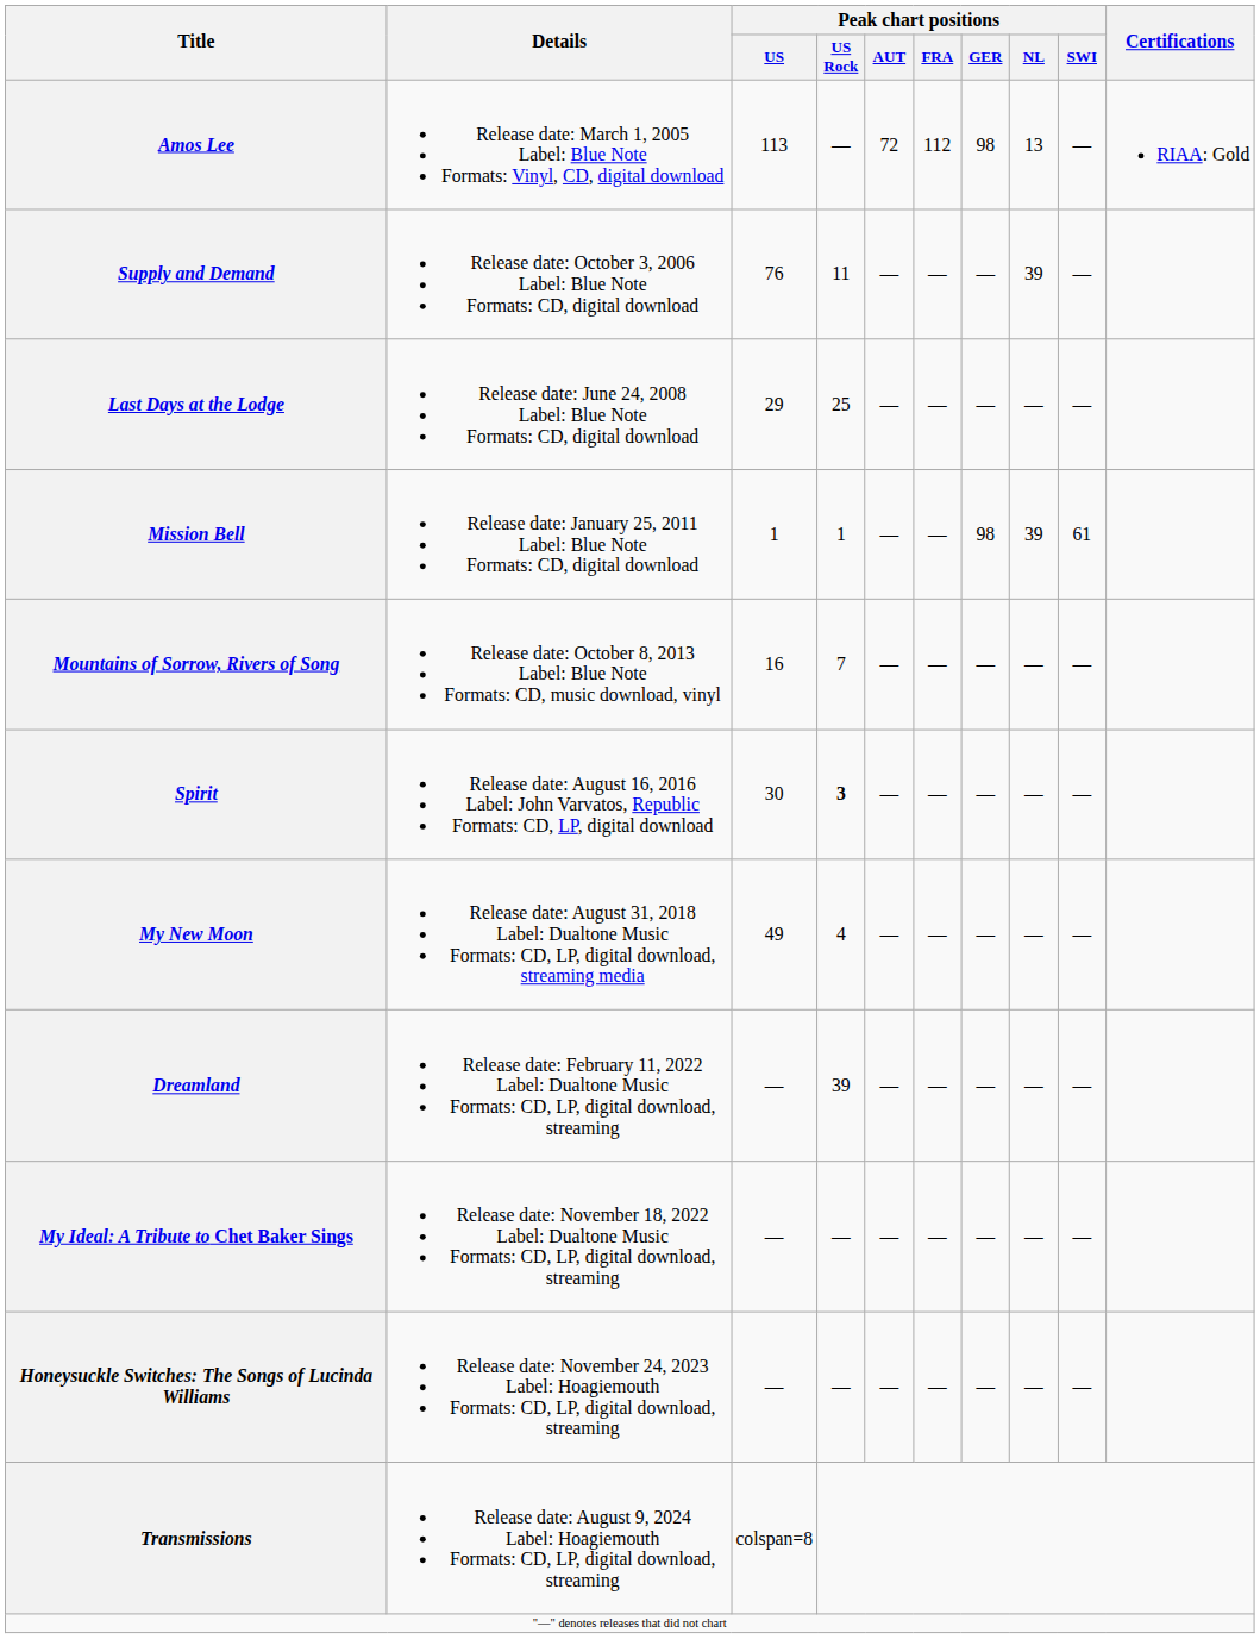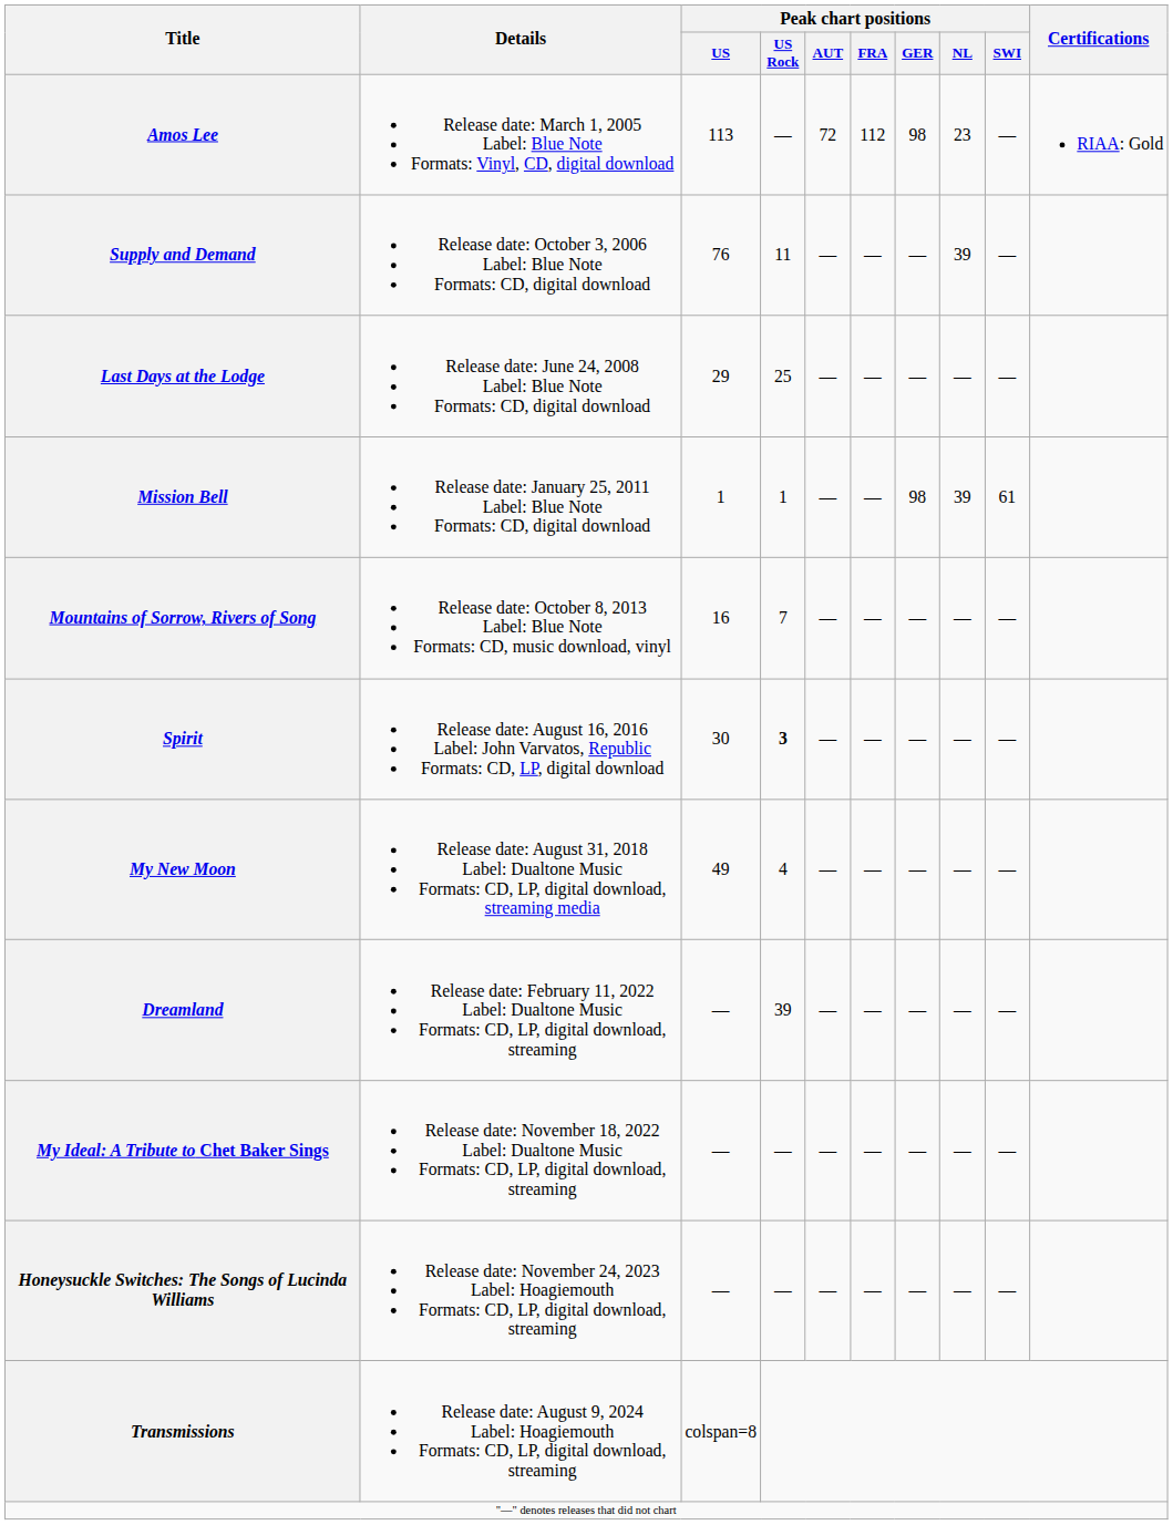 <table class="wikitable plainrowheaders" style="text-align:center;">
 <tr>
 <th rowspan="2" style="width:20em;">Title</th>
 <th rowspan="2" style="width:18em;">Details</th>
 <th colspan="7">Peak chart positions</th>
 <th rowspan="2"><a href='#'>Certifications</a></th>
 </tr>
 <tr style="font-size:smaller;">
 <th style="width:35px;"><a href='#'>US</a><br></th>
 <th style="width:35px;"><a href='#'>US Rock</a><br></th>
 <th style="width:35px;"><a href='#'>AUT</a><br></th>
 <th style="width:35px;"><a href='#'>FRA</a><br></th>
 <th style="width:35px;"><a href='#'>GER</a><br></th>
 <th style="width:35px;"><a href='#'>NL</a><br></th>
 <th style="width:35px;"><a href='#'>SWI</a><br></th>
 </tr>
 <tr>
 <th scope="row"><em><a href='#'>Amos Lee</a></em></th>
 <td><br><ul><li>Release date: March 1, 2005</li><li>Label: <a href='#'>Blue Note</a></li><li>Formats: <a href='#'>Vinyl</a>, <a href='#'>CD</a>, <a href='#'>digital download</a></li></ul></td>
 <td>113</td>
 <td>—</td>
 <td>72</td>
 <td>112</td>
 <td>98</td>
-<td>13</td>
+<td>23</td>
 <td>—</td>
 <td><br><ul><li><a href='#'>RIAA</a>: Gold</li></ul></td>
 </tr>
 <tr>
 <th scope="row"><em><a href='#'>Supply and Demand</a></em></th>
 <td><br><ul><li>Release date: October 3, 2006</li><li>Label: Blue Note</li><li>Formats: CD, digital download</li></ul></td>
 <td>76</td>
 <td>11</td>
 <td>—</td>
 <td>—</td>
 <td>—</td>
 <td>39</td>
 <td>—</td>
 <td></td>
 </tr>
 <tr>
 <th scope="row"><em><a href='#'>Last Days at the Lodge</a></em></th>
 <td><br><ul><li>Release date: June 24, 2008</li><li>Label: Blue Note</li><li>Formats: CD, digital download</li></ul></td>
 <td>29</td>
 <td>25</td>
 <td>—</td>
 <td>—</td>
 <td>—</td>
 <td>—</td>
 <td>—</td>
 <td></td>
 </tr>
 <tr>
 <th scope="row"><em><a href='#'>Mission Bell</a></em></th>
 <td><br><ul><li>Release date: January 25, 2011</li><li>Label: Blue Note</li><li>Formats: CD, digital download</li></ul></td>
 <td>1</td>
 <td>1</td>
 <td>—</td>
 <td>—</td>
 <td>98</td>
 <td>39</td>
 <td>61</td>
 <td></td>
 </tr>
 <tr>
 <th scope="row"><em><a href='#'>Mountains of Sorrow, Rivers of Song</a></em></th>
 <td><br><ul><li>Release date: October 8, 2013</li><li>Label: Blue Note</li><li>Formats: CD, music download, vinyl</li></ul></td>
 <td>16</td>
 <td>7</td>
 <td>—</td>
 <td>—</td>
 <td>—</td>
 <td>—</td>
 <td>—</td>
 <td></td>
 </tr>
 <tr>
 <th scope="row"><em><a href='#'>Spirit</a></em></th>
 <td><br><ul><li>Release date: August 16, 2016</li><li>Label: John Varvatos, <a href='#'>Republic</a></li><li>Formats: CD, <a href='#'>LP</a>, digital download</li></ul></td>
 <td>30</td>
 <td><strong>3</strong></td>
 <td>—</td>
 <td>—</td>
 <td>—</td>
 <td>—</td>
 <td>—</td>
 <td></td>
 </tr>
 <tr>
 <th scope="row"><em><a href='#'>My New Moon</a></em></th>
 <td><br><ul><li>Release date: August 31, 2018</li><li>Label: Dualtone Music</li><li>Formats: CD, LP, digital download, <a href='#'>streaming media</a></li></ul></td>
 <td>49</td>
 <td>4</td>
 <td>—</td>
 <td>—</td>
 <td>—</td>
 <td>—</td>
 <td>—</td>
 <td></td>
 </tr>
 <tr>
 <th scope="row"><em><a href='#'>Dreamland</a></em></th>
 <td><br><ul><li>Release date: February 11, 2022</li><li>Label: Dualtone Music</li><li>Formats: CD, LP, digital download, streaming</li></ul></td>
 <td>—</td>
 <td>39</td>
 <td>—</td>
 <td>—</td>
 <td>—</td>
 <td>—</td>
 <td>—</td>
 <td></td>
 </tr>
 <tr>
 <th scope="row"><a href='#'><em>My Ideal: A Tribute to</em> Chet Baker Sings</a></th>
 <td><br><ul><li>Release date: November 18, 2022</li><li>Label: Dualtone Music</li><li>Formats: CD, LP, digital download, streaming</li></ul></td>
 <td>—</td>
 <td>—</td>
 <td>—</td>
 <td>—</td>
 <td>—</td>
 <td>—</td>
 <td>—</td>
 <td></td>
 </tr>
 <tr>
 <th scope="row"><em>Honeysuckle Switches: The Songs of Lucinda Williams</em></th>
 <td><br><ul><li>Release date: November 24, 2023</li><li>Label: Hoagiemouth</li><li>Formats: CD, LP, digital download, streaming</li></ul></td>
 <td>—</td>
 <td>—</td>
 <td>—</td>
 <td>—</td>
 <td>—</td>
 <td>—</td>
 <td>—</td>
 <td></td>
 </tr>
 <tr>
 <th scope="row"><em>Transmissions</em></th>
 <td><br><ul><li>Release date: August 9, 2024</li><li>Label: Hoagiemouth</li><li>Formats: CD, LP, digital download, streaming</li></ul></td>
 <td>colspan=8 </td>
 </tr>
 <tr>
 <td colspan="15" style="font-size:8pt">"—" denotes releases that did not chart</td>
 </tr>
 </table>
